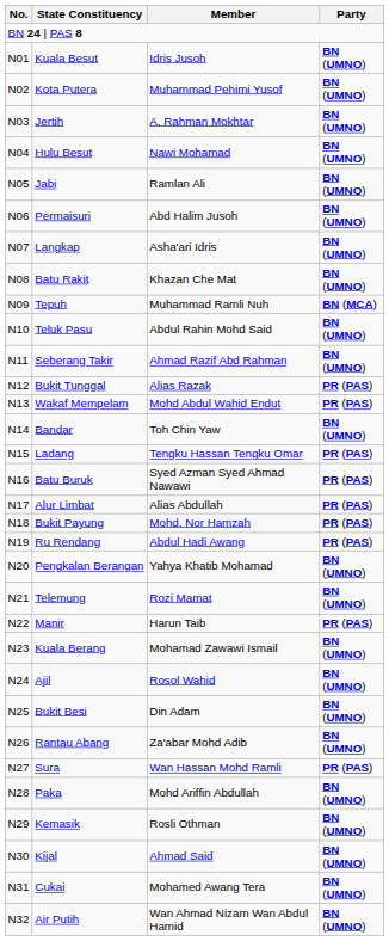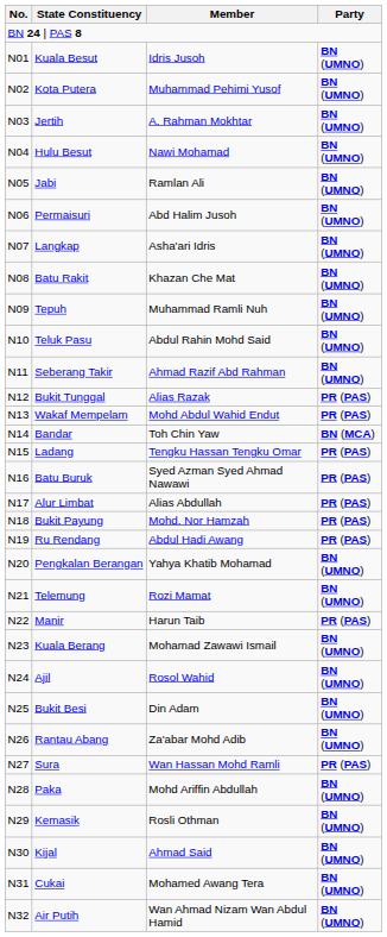 <table class="wikitable sortable">
 <tr>
 <th style="width:30px;">No.</th>
 <th style="width:150px;">State Constituency</th>
 <th style="width:230px;">Member</th>
 <th style="width:80px;">Party</th>
 </tr>
 <tr>
 <td colspan="4"><a href='#'>BN</a> <strong>24</strong> | <a href='#'>PAS</a> <strong>8</strong></td>
 </tr>
 <tr>
 <td>N01</td>
 <td><a href='#'>Kuala Besut</a></td>
 <td><a href='#'>Idris Jusoh</a></td>
 <td><strong><a href='#'>BN</a></strong> (<strong><a href='#'>UMNO</a></strong>)</td>
 </tr>
 <tr>
 <td>N02</td>
 <td><a href='#'>Kota Putera</a></td>
 <td><a href='#'>Muhammad Pehimi Yusof</a></td>
 <td><strong><a href='#'>BN</a></strong> (<strong><a href='#'>UMNO</a></strong>)</td>
 </tr>
 <tr>
 <td>N03</td>
 <td><a href='#'>Jertih</a></td>
 <td><a href='#'>A. Rahman Mokhtar</a></td>
 <td><strong><a href='#'>BN</a></strong> (<strong><a href='#'>UMNO</a></strong>)</td>
 </tr>
 <tr>
 <td>N04</td>
 <td><a href='#'>Hulu Besut</a></td>
 <td><a href='#'>Nawi Mohamad</a></td>
 <td><strong><a href='#'>BN</a></strong> (<strong><a href='#'>UMNO</a></strong>)</td>
 </tr>
 <tr>
 <td>N05</td>
 <td><a href='#'>Jabi</a></td>
 <td>Ramlan Ali</td>
 <td><strong><a href='#'>BN</a></strong> (<strong><a href='#'>UMNO</a></strong>)</td>
 </tr>
 <tr>
 <td>N06</td>
 <td><a href='#'>Permaisuri</a></td>
 <td>Abd Halim Jusoh</td>
 <td><strong><a href='#'>BN</a></strong> (<strong><a href='#'>UMNO</a></strong>)</td>
 </tr>
 <tr>
 <td>N07</td>
 <td><a href='#'>Langkap</a></td>
 <td>Asha'ari Idris</td>
 <td><strong><a href='#'>BN</a></strong> (<strong><a href='#'>UMNO</a></strong>)</td>
 </tr>
 <tr>
 <td>N08</td>
 <td><a href='#'>Batu Rakit</a></td>
 <td>Khazan Che Mat</td>
 <td><strong><a href='#'>BN</a></strong> (<strong><a href='#'>UMNO</a></strong>)</td>
 </tr>
 <tr>
 <td>N09</td>
 <td><a href='#'>Tepuh</a></td>
 <td>Muhammad Ramli Nuh</td>
-<td><strong><a href='#'>BN</a></strong> (<strong><a href='#'>MCA</a></strong>)</td>
+<td><strong><a href='#'>BN</a></strong> (<strong><a href='#'>UMNO</a></strong>)</td>
 </tr>
 <tr>
 <td>N10</td>
 <td><a href='#'>Teluk Pasu</a></td>
 <td>Abdul Rahin Mohd Said</td>
 <td><strong><a href='#'>BN</a></strong> (<strong><a href='#'>UMNO</a></strong>)</td>
 </tr>
 <tr>
 <td>N11</td>
 <td><a href='#'>Seberang Takir</a></td>
 <td><a href='#'>Ahmad Razif Abd Rahman</a></td>
 <td><strong><a href='#'>BN</a></strong> (<strong><a href='#'>UMNO</a></strong>)</td>
 </tr>
 <tr>
 <td>N12</td>
 <td><a href='#'>Bukit Tunggal</a></td>
 <td><a href='#'>Alias Razak</a></td>
 <td><strong><a href='#'>PR</a></strong> (<strong><a href='#'>PAS</a></strong>)</td>
 </tr>
 <tr>
 <td>N13</td>
 <td><a href='#'>Wakaf Mempelam</a></td>
 <td><a href='#'>Mohd Abdul Wahid Endut</a></td>
 <td><strong><a href='#'>PR</a></strong> (<strong><a href='#'>PAS</a></strong>)</td>
 </tr>
 <tr>
 <td>N14</td>
 <td><a href='#'>Bandar</a></td>
 <td>Toh Chin Yaw</td>
-<td><strong><a href='#'>BN</a></strong> (<strong><a href='#'>UMNO</a></strong>)</td>
+<td><strong><a href='#'>BN</a></strong> (<strong><a href='#'>MCA</a></strong>)</td>
 </tr>
 <tr>
 <td>N15</td>
 <td><a href='#'>Ladang</a></td>
 <td><a href='#'>Tengku Hassan Tengku Omar</a></td>
 <td><strong><a href='#'>PR</a></strong> (<strong><a href='#'>PAS</a></strong>)</td>
 </tr>
 <tr>
 <td>N16</td>
 <td><a href='#'>Batu Buruk</a></td>
 <td>Syed Azman Syed Ahmad Nawawi</td>
 <td><strong><a href='#'>PR</a></strong> (<strong><a href='#'>PAS</a></strong>)</td>
 </tr>
 <tr>
 <td>N17</td>
 <td><a href='#'>Alur Limbat</a></td>
 <td>Alias Abdullah</td>
 <td><strong><a href='#'>PR</a></strong> (<strong><a href='#'>PAS</a></strong>)</td>
 </tr>
 <tr>
 <td>N18</td>
 <td><a href='#'>Bukit Payung</a></td>
 <td><a href='#'>Mohd. Nor Hamzah</a></td>
 <td><strong><a href='#'>PR</a></strong> (<strong><a href='#'>PAS</a></strong>)</td>
 </tr>
 <tr>
 <td>N19</td>
 <td><a href='#'>Ru Rendang</a></td>
 <td><a href='#'>Abdul Hadi Awang</a></td>
 <td><strong><a href='#'>PR</a></strong> (<strong><a href='#'>PAS</a></strong>)</td>
 </tr>
 <tr>
 <td>N20</td>
 <td><a href='#'>Pengkalan Berangan</a></td>
 <td>Yahya Khatib Mohamad</td>
 <td><strong><a href='#'>BN</a></strong> (<strong><a href='#'>UMNO</a></strong>)</td>
 </tr>
 <tr>
 <td>N21</td>
 <td><a href='#'>Telemung</a></td>
 <td><a href='#'>Rozi Mamat</a></td>
 <td><strong><a href='#'>BN</a></strong> (<strong><a href='#'>UMNO</a></strong>)</td>
 </tr>
 <tr>
 <td>N22</td>
 <td><a href='#'>Manir</a></td>
 <td>Harun Taib</td>
 <td><strong><a href='#'>PR</a></strong> (<strong><a href='#'>PAS</a></strong>)</td>
 </tr>
 <tr>
 <td>N23</td>
 <td><a href='#'>Kuala Berang</a></td>
 <td>Mohamad Zawawi Ismail</td>
 <td><strong><a href='#'>BN</a></strong> (<strong><a href='#'>UMNO</a></strong>)</td>
 </tr>
 <tr>
 <td>N24</td>
 <td><a href='#'>Ajil</a></td>
 <td><a href='#'>Rosol Wahid</a></td>
 <td><strong><a href='#'>BN</a></strong> (<strong><a href='#'>UMNO</a></strong>)</td>
 </tr>
 <tr>
 <td>N25</td>
 <td><a href='#'>Bukit Besi</a></td>
 <td>Din Adam</td>
 <td><strong><a href='#'>BN</a></strong> (<strong><a href='#'>UMNO</a></strong>)</td>
 </tr>
 <tr>
 <td>N26</td>
 <td><a href='#'>Rantau Abang</a></td>
 <td>Za'abar Mohd Adib</td>
 <td><strong><a href='#'>BN</a></strong> (<strong><a href='#'>UMNO</a></strong>)</td>
 </tr>
 <tr>
 <td>N27</td>
 <td><a href='#'>Sura</a></td>
 <td><a href='#'>Wan Hassan Mohd Ramli</a></td>
 <td><strong><a href='#'>PR</a></strong> (<strong><a href='#'>PAS</a></strong>)</td>
 </tr>
 <tr>
 <td>N28</td>
 <td><a href='#'>Paka</a></td>
 <td>Mohd Ariffin Abdullah</td>
 <td><strong><a href='#'>BN</a></strong> (<strong><a href='#'>UMNO</a></strong>)</td>
 </tr>
 <tr>
 <td>N29</td>
 <td><a href='#'>Kemasik</a></td>
 <td>Rosli Othman</td>
 <td><strong><a href='#'>BN</a></strong> (<strong><a href='#'>UMNO</a></strong>)</td>
 </tr>
 <tr>
 <td>N30</td>
 <td><a href='#'>Kijal</a></td>
 <td><a href='#'>Ahmad Said</a></td>
 <td><strong><a href='#'>BN</a></strong> (<strong><a href='#'>UMNO</a></strong>)</td>
 </tr>
 <tr>
 <td>N31</td>
 <td><a href='#'>Cukai</a></td>
 <td>Mohamed Awang Tera</td>
 <td><strong><a href='#'>BN</a></strong> (<strong><a href='#'>UMNO</a></strong>)</td>
 </tr>
 <tr>
 <td>N32</td>
 <td><a href='#'>Air Putih</a></td>
 <td>Wan Ahmad Nizam Wan Abdul Hamid</td>
 <td><strong><a href='#'>BN</a></strong> (<strong><a href='#'>UMNO</a></strong>)</td>
 </tr>
 </table>
